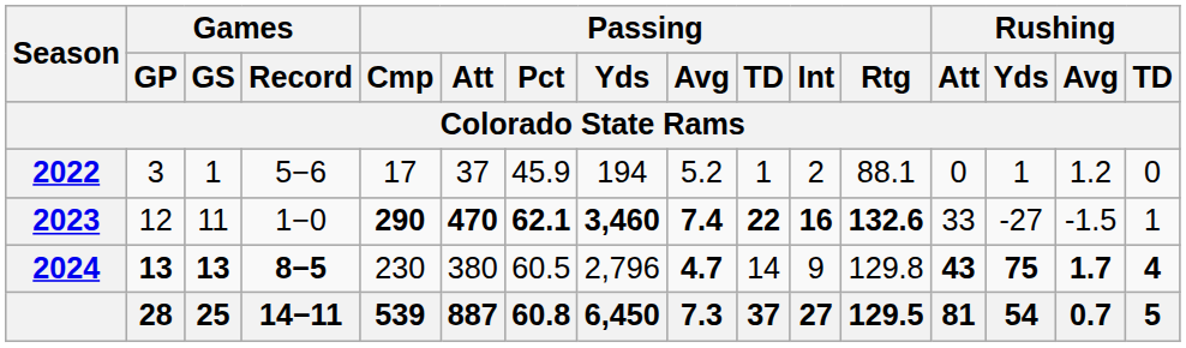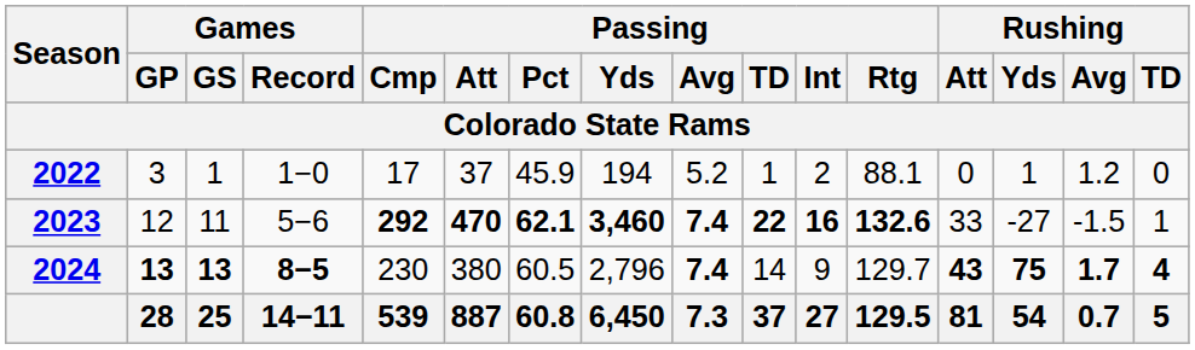 <table class="wikitable" style="text-align:center;">
 <tr>
 <th rowspan="2">Season</th>
 <th colspan="3">Games</th>
 <th colspan="8">Passing</th>
 <th colspan="5">Rushing</th>
 </tr>
 <tr>
 <th>GP</th>
 <th>GS</th>
 <th>Record</th>
 <th>Cmp</th>
 <th>Att</th>
 <th>Pct</th>
 <th>Yds</th>
 <th>Avg</th>
 <th>TD</th>
 <th>Int</th>
 <th>Rtg</th>
 <th>Att</th>
 <th>Yds</th>
 <th>Avg</th>
 <th>TD</th>
 </tr>
 <tr>
 <th colspan="16">Colorado State Rams</th>
 </tr>
 <tr>
 <th><a href='#'>2022</a></th>
 <td>3</td>
 <td>1</td>
-<td>5−6</td>
+<td>1−0</td>
 <td>17</td>
 <td>37</td>
 <td>45.9</td>
 <td>194</td>
 <td>5.2</td>
 <td>1</td>
 <td>2</td>
 <td>88.1</td>
 <td>0</td>
 <td>1</td>
 <td>1.2</td>
 <td>0</td>
 </tr>
 <tr>
 <th><a href='#'>2023</a></th>
 <td>12</td>
 <td>11</td>
-<td>1−0</td>
-<td><strong>290</strong></td>
+<td>5−6</td>
+<td><strong>292</strong></td>
 <td><strong>470</strong></td>
 <td><strong>62.1</strong></td>
 <td><strong>3,460</strong></td>
 <td><strong>7.4</strong></td>
 <td><strong>22</strong></td>
 <td><strong>16</strong></td>
 <td><strong>132.6</strong></td>
 <td>33</td>
 <td>-27</td>
 <td>-1.5</td>
 <td>1</td>
 </tr>
 <tr>
 <th><a href='#'>2024</a></th>
 <td><strong>13</strong></td>
 <td><strong>13</strong></td>
 <td><strong>8−5</strong></td>
 <td>230</td>
 <td>380</td>
 <td>60.5</td>
 <td>2,796</td>
-<td><strong>4.7</strong></td>
+<td><strong>7.4</strong></td>
 <td>14</td>
 <td>9</td>
-<td>129.8</td>
+<td>129.7</td>
 <td><strong>43</strong></td>
 <td><strong>75</strong></td>
 <td><strong>1.7</strong></td>
 <td><strong>4</strong></td>
 </tr>
 <tr>
 <th></th>
 <th>28</th>
 <th>25</th>
 <th>14−11</th>
 <th>539</th>
 <th>887</th>
 <th>60.8</th>
 <th>6,450</th>
 <th>7.3</th>
 <th>37</th>
 <th>27</th>
 <th>129.5</th>
 <th>81</th>
 <th>54</th>
 <th>0.7</th>
 <th>5</th>
 </tr>
 </table>
